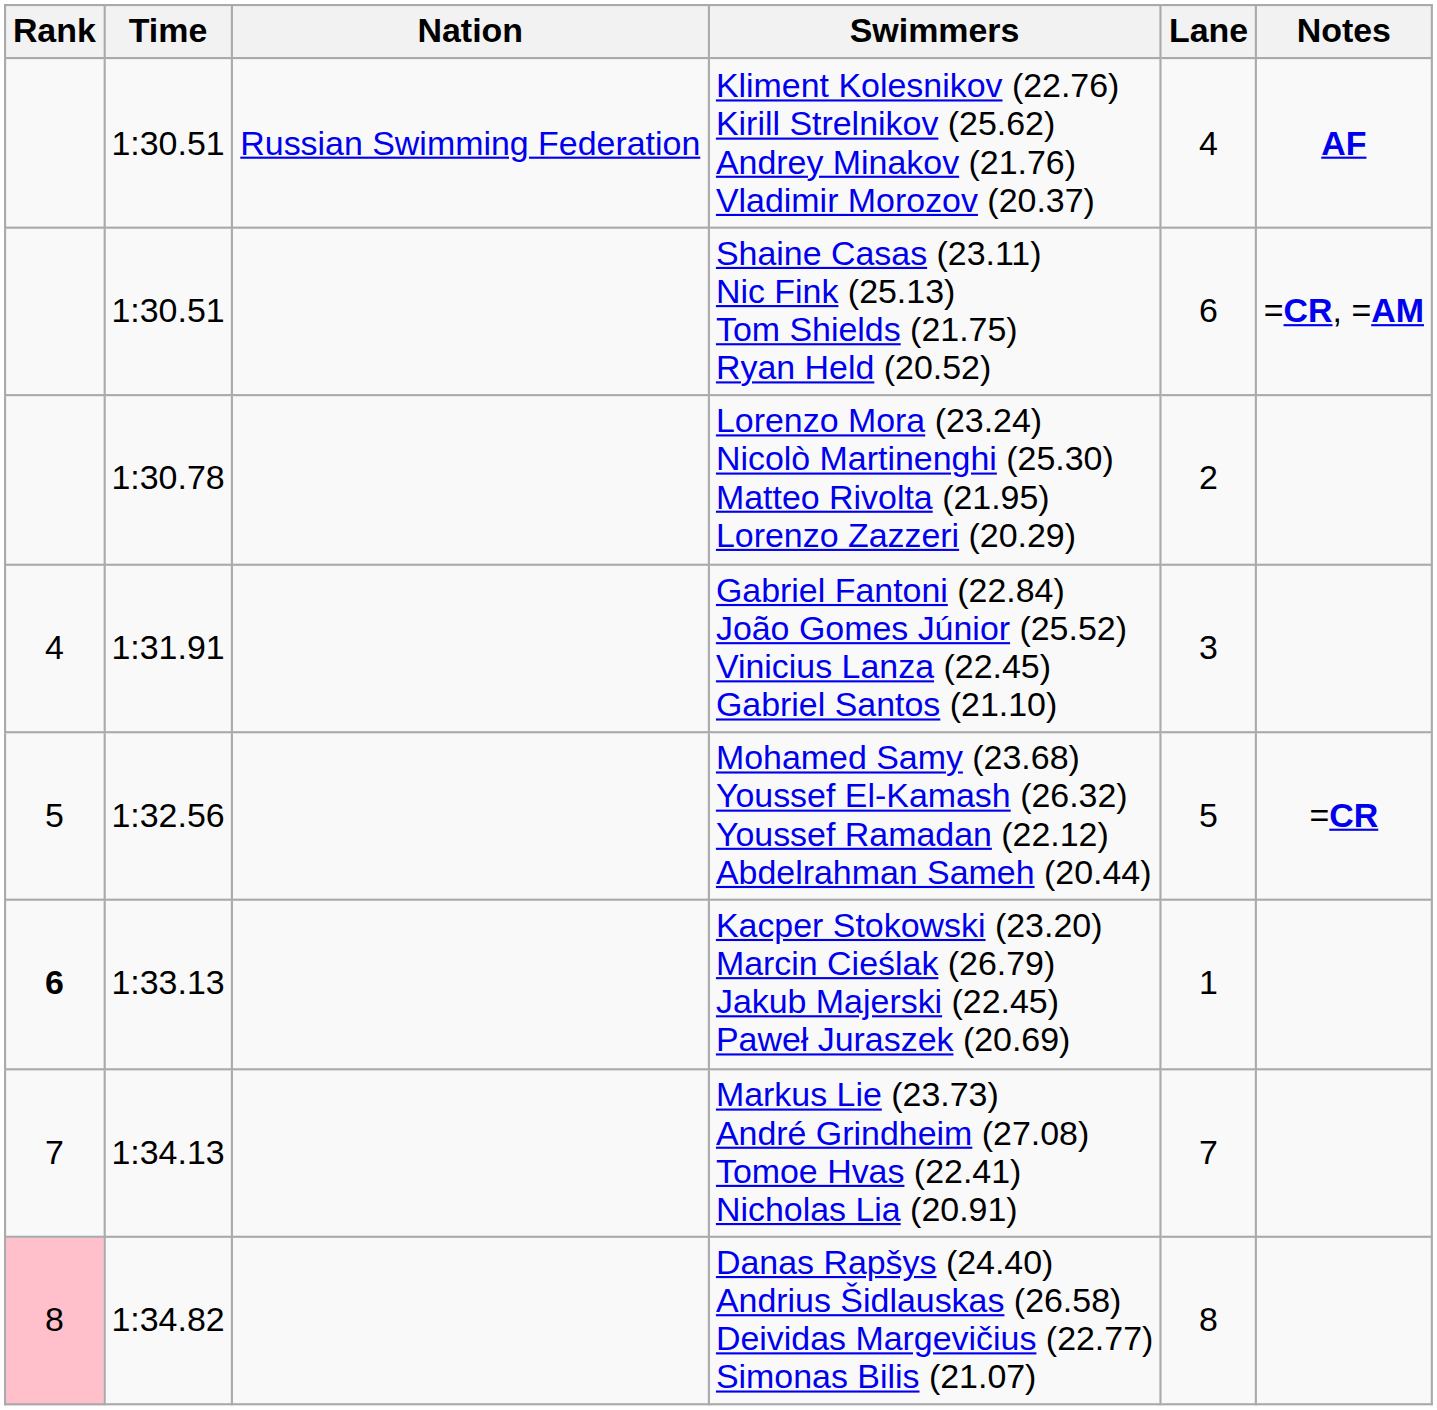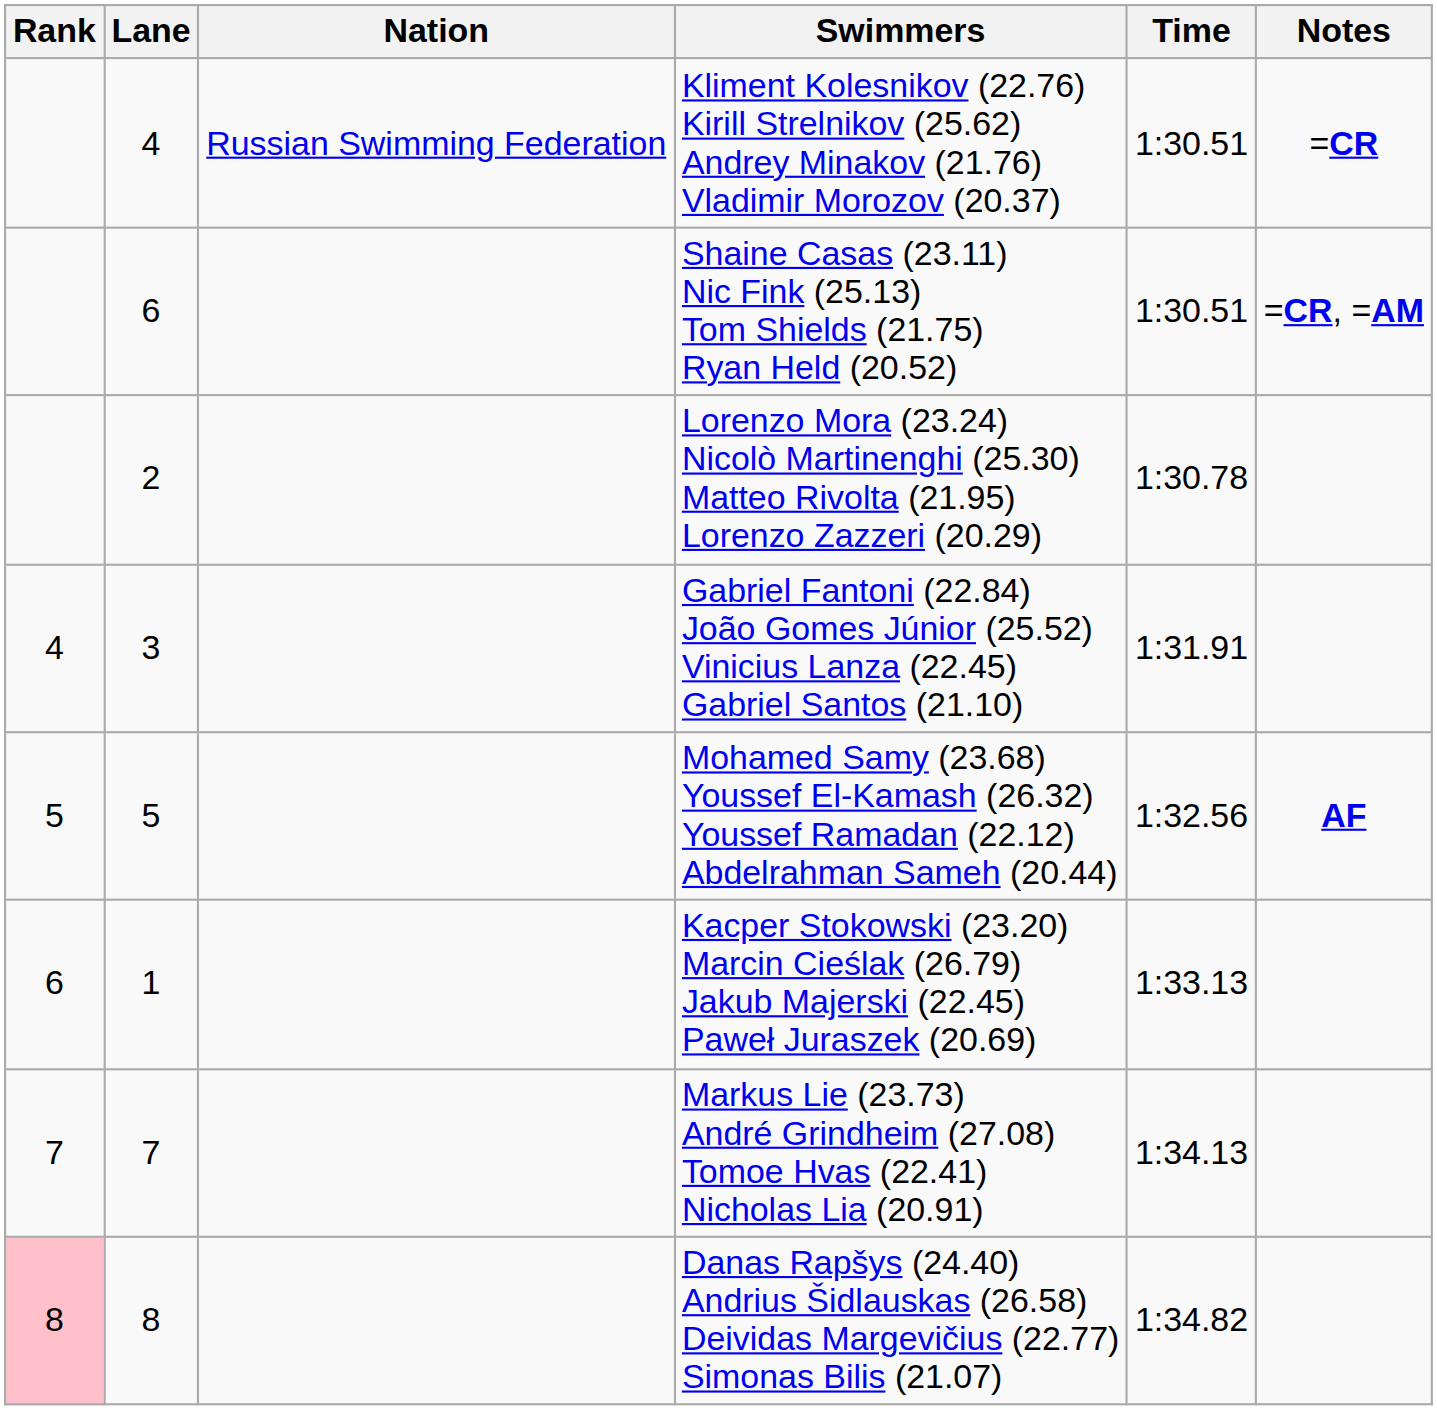 <table class="wikitable sortable" style="text-align:center">
 <tr>
 <th>Rank</th>
-<th>Time</th>
+<th>Lane</th>
 <th>Nation</th>
 <th>Swimmers</th>
-<th>Lane</th>
+<th>Time</th>
 <th>Notes</th>
 </tr>
 <tr>
 <td></td>
-<td>1:30.51</td>
+<td>4</td>
 <td align=left><a href='#'>Russian Swimming Federation</a></td>
 <td align=left><a href='#'>Kliment Kolesnikov</a> (22.76)<br><a href='#'>Kirill Strelnikov</a> (25.62)<br><a href='#'>Andrey Minakov</a> (21.76)<br><a href='#'>Vladimir Morozov</a> (20.37)</td>
-<td>4</td>
-<td><strong><a href='#'>AF</a></strong></td>
+<td>1:30.51</td>
+<td>=<strong><a href='#'>CR</a></strong></td>
 </tr>
 <tr>
 <td></td>
-<td>1:30.51</td>
+<td>6</td>
 <td align=left></td>
 <td align=left><a href='#'>Shaine Casas</a> (23.11)<br><a href='#'>Nic Fink</a> (25.13)<br><a href='#'>Tom Shields</a> (21.75)<br><a href='#'>Ryan Held</a> (20.52)</td>
-<td>6</td>
+<td>1:30.51</td>
 <td>=<strong><a href='#'>CR</a></strong>, =<strong><a href='#'>AM</a></strong></td>
 </tr>
 <tr>
 <td></td>
-<td>1:30.78</td>
+<td>2</td>
 <td align=left></td>
 <td align=left><a href='#'>Lorenzo Mora</a> (23.24)<br><a href='#'>Nicolò Martinenghi</a> (25.30)<br><a href='#'>Matteo Rivolta</a> (21.95)<br><a href='#'>Lorenzo Zazzeri</a> (20.29)</td>
-<td>2</td>
+<td>1:30.78</td>
 <td></td>
 </tr>
 <tr>
 <td>4</td>
-<td>1:31.91</td>
+<td>3</td>
 <td align=left></td>
 <td align=left><a href='#'>Gabriel Fantoni</a> (22.84)<br><a href='#'>João Gomes Júnior</a> (25.52)<br><a href='#'>Vinicius Lanza</a> (22.45)<br><a href='#'>Gabriel Santos</a> (21.10)</td>
-<td>3</td>
+<td>1:31.91</td>
 <td></td>
 </tr>
 <tr>
 <td>5</td>
-<td>1:32.56</td>
+<td>5</td>
 <td align=left></td>
 <td align=left><a href='#'>Mohamed Samy</a> (23.68)<br><a href='#'>Youssef El-Kamash</a> (26.32)<br><a href='#'>Youssef Ramadan</a> (22.12)<br><a href='#'>Abdelrahman Sameh</a> (20.44)</td>
-<td>5</td>
-<td>=<strong><a href='#'>CR</a></strong></td>
+<td>1:32.56</td>
+<td><strong><a href='#'>AF</a></strong></td>
 </tr>
 <tr>
-<td><strong>6</strong></td>
-<td>1:33.13</td>
+<td>6</td>
+<td>1</td>
 <td align=left></td>
 <td align=left><a href='#'>Kacper Stokowski</a> (23.20)<br><a href='#'>Marcin Cieślak</a> (26.79)<br><a href='#'>Jakub Majerski</a> (22.45)<br><a href='#'>Paweł Juraszek</a> (20.69)</td>
-<td>1</td>
+<td>1:33.13</td>
 <td></td>
 </tr>
 <tr>
 <td>7</td>
-<td>1:34.13</td>
+<td>7</td>
 <td align=left></td>
 <td align=left><a href='#'>Markus Lie</a> (23.73)<br><a href='#'>André Grindheim</a> (27.08)<br><a href='#'>Tomoe Hvas</a> (22.41)<br><a href='#'>Nicholas Lia</a> (20.91)</td>
-<td>7</td>
+<td>1:34.13</td>
 <td></td>
 </tr>
 <tr>
 <td style="background: pink;">8</td>
-<td>1:34.82</td>
+<td>8</td>
 <td align=left></td>
 <td align=left><a href='#'>Danas Rapšys</a> (24.40)<br><a href='#'>Andrius Šidlauskas</a> (26.58)<br><a href='#'>Deividas Margevičius</a> (22.77)<br><a href='#'>Simonas Bilis</a> (21.07)</td>
-<td>8</td>
+<td>1:34.82</td>
 <td></td>
 </tr>
 </table>
